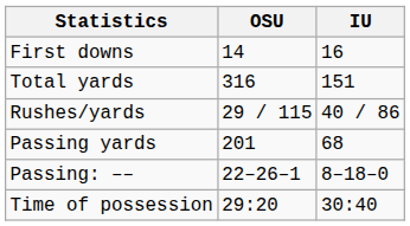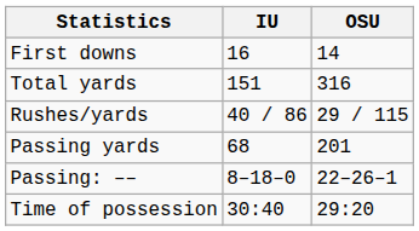 <table class="wikitable" style="float:left">
 <tr>
 <th>Statistics</th>
+<th>IU</th>
 <th>OSU</th>
-<th>IU</th>
 </tr>
 <tr>
 <td>First downs</td>
+<td>16</td>
 <td>14</td>
-<td>16</td>
 </tr>
 <tr>
 <td>Total yards</td>
+<td>151</td>
 <td>316</td>
-<td>151</td>
 </tr>
 <tr>
 <td>Rushes/yards</td>
+<td>40 / 86</td>
 <td>29 / 115</td>
-<td>40 / 86</td>
 </tr>
 <tr>
 <td>Passing yards</td>
+<td>68</td>
 <td>201</td>
-<td>68</td>
 </tr>
 <tr>
 <td>Passing: ––</td>
+<td>8–18–0</td>
 <td>22–26–1</td>
-<td>8–18–0</td>
 </tr>
 <tr>
 <td>Time of possession</td>
+<td>30:40</td>
 <td>29:20</td>
-<td>30:40</td>
 </tr>
 </table>
